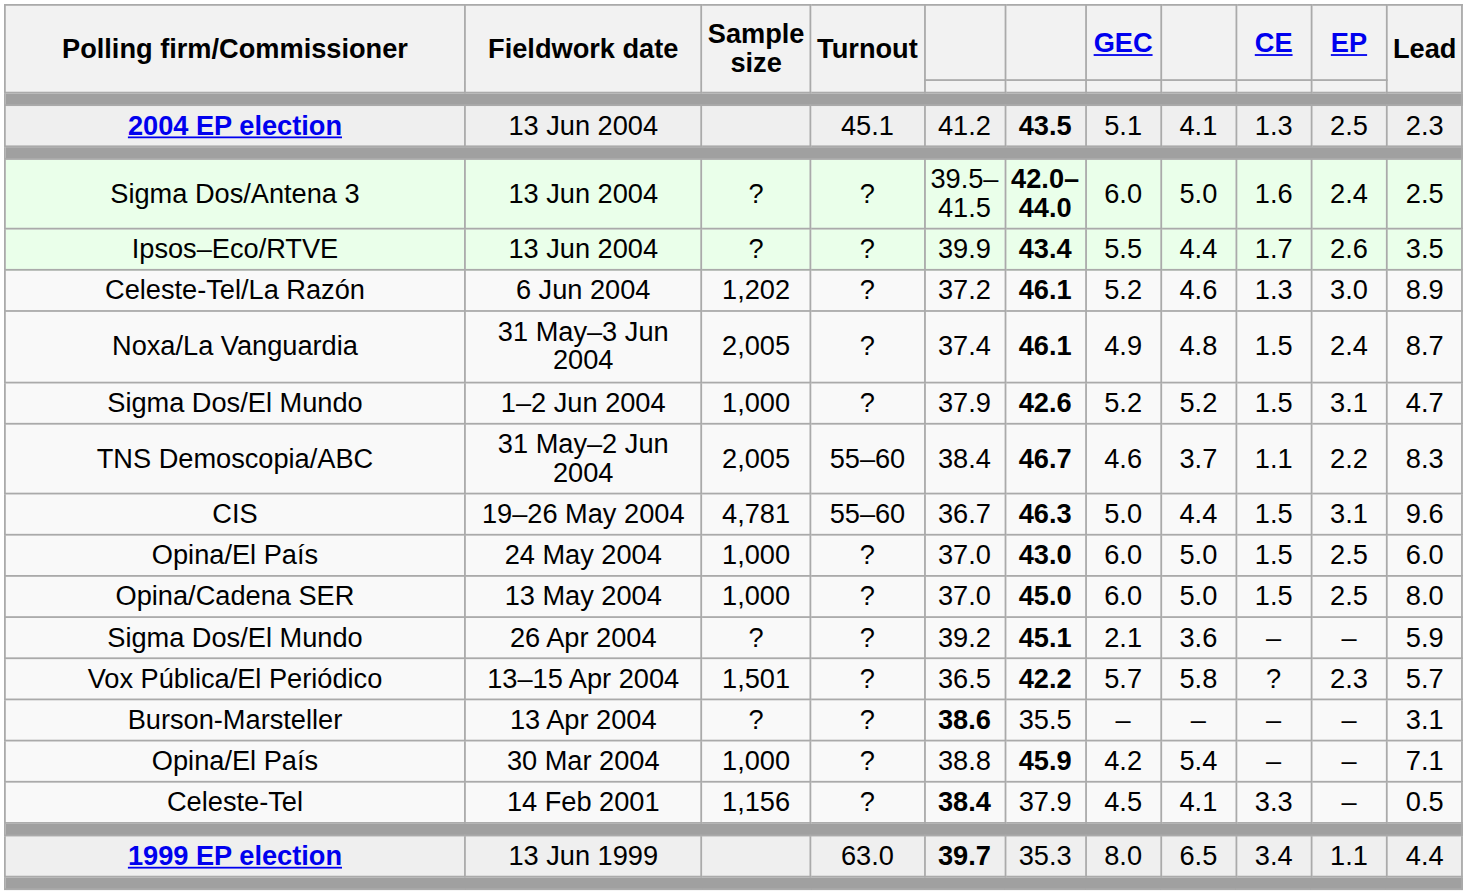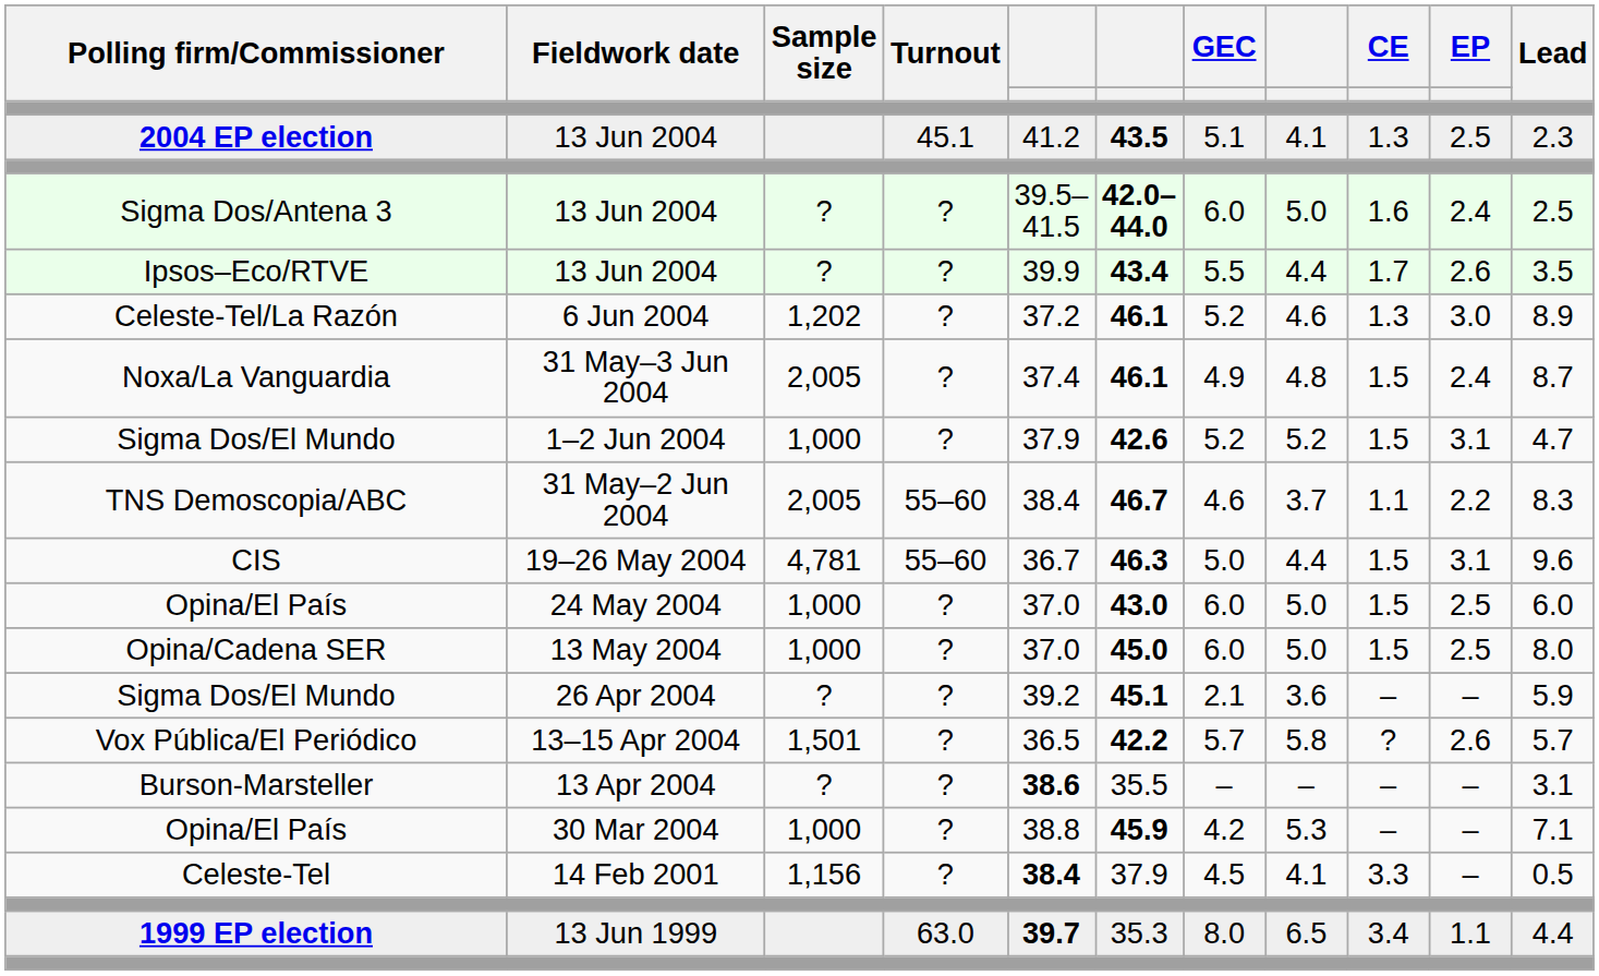 <table class="wikitable collapsible collapsed" style="text-align:center; font-size:95%; line-height:16px;">
 <tr style="height:42px;">
 <th style="width:250px;" rowspan="2">Polling firm/Commissioner</th>
 <th style="width:125px;" rowspan="2">Fieldwork date</th>
 <th style="width:50px;" rowspan="2">Sample size</th>
 <th style="width:45px;" rowspan="2">Turnout</th>
 <th style="width:35px;"></th>
 <th style="width:35px;"></th>
 <th style="width:35px;"><a href='#'>GEC</a></th>
 <th style="width:35px;"></th>
 <th style="width:35px;"><a href='#'>CE</a></th>
 <th style="width:35px;"><a href='#'>EP</a></th>
 <th style="width:30px;" rowspan="2">Lead</th>
 </tr>
 <tr>
 <th style="color:inherit;background:"></th>
 <th style="color:inherit;background:"></th>
 <th style="color:inherit;background:"></th>
 <th style="color:inherit;background:"></th>
 <th style="color:inherit;background:"></th>
 <th style="color:inherit;background:"></th>
 </tr>
 <tr>
 <td colspan="11" style="background:#A0A0A0"></td>
 </tr>
 <tr style="background:#EFEFEF;">
 <td><strong><a href='#'>2004 EP election</a></strong></td>
 <td>13 Jun 2004</td>
 <td></td>
 <td>45.1</td>
 <td>41.2<br></td>
 <td><strong>43.5</strong><br></td>
 <td>5.1<br></td>
 <td>4.1<br></td>
 <td>1.3<br></td>
 <td>2.5<br></td>
 <td style="background:">2.3</td>
 </tr>
 <tr>
 <td colspan="11" style="background:#A0A0A0"></td>
 </tr>
 <tr style="background:#EAFFEA;">
 <td>Sigma Dos/Antena 3</td>
 <td>13 Jun 2004</td>
 <td>?</td>
 <td>?</td>
 <td>39.5–<br>41.5<br></td>
 <td><strong>42.0–<br>44.0</strong><br></td>
 <td>6.0<br></td>
 <td>5.0<br></td>
 <td>1.6<br></td>
 <td>2.4<br></td>
 <td style="background:">2.5</td>
 </tr>
 <tr style="background:#EAFFEA;">
 <td>Ipsos–Eco/RTVE</td>
 <td>13 Jun 2004</td>
 <td>?</td>
 <td>?</td>
 <td>39.9<br></td>
 <td><strong>43.4</strong><br></td>
 <td>5.5<br></td>
 <td>4.4<br></td>
 <td>1.7<br></td>
 <td>2.6<br></td>
 <td style="background:">3.5</td>
 </tr>
 <tr>
 <td>Celeste-Tel/La Razón</td>
 <td>6 Jun 2004</td>
 <td>1,202</td>
 <td>?</td>
 <td>37.2<br></td>
 <td><strong>46.1</strong><br></td>
 <td>5.2<br></td>
 <td>4.6<br></td>
 <td>1.3<br></td>
 <td>3.0<br></td>
 <td style="background:">8.9</td>
 </tr>
 <tr>
 <td>Noxa/La Vanguardia</td>
 <td>31 May–3 Jun 2004</td>
 <td>2,005</td>
 <td>?</td>
 <td>37.4<br></td>
 <td><strong>46.1</strong><br></td>
 <td>4.9<br></td>
 <td>4.8<br></td>
 <td>1.5<br></td>
 <td>2.4<br></td>
 <td style="background:">8.7</td>
 </tr>
 <tr>
 <td>Sigma Dos/El Mundo</td>
 <td>1–2 Jun 2004</td>
 <td>1,000</td>
 <td>?</td>
 <td>37.9<br></td>
 <td><strong>42.6</strong><br></td>
 <td>5.2<br></td>
 <td>5.2<br></td>
 <td>1.5<br></td>
 <td>3.1<br></td>
 <td style="background:">4.7</td>
 </tr>
 <tr>
 <td>TNS Demoscopia/ABC</td>
 <td>31 May–2 Jun 2004</td>
 <td>2,005</td>
 <td>55–60</td>
 <td>38.4<br></td>
 <td><strong>46.7</strong><br></td>
 <td>4.6<br></td>
 <td>3.7<br></td>
 <td>1.1<br></td>
 <td>2.2<br></td>
 <td style="background:">8.3</td>
 </tr>
 <tr>
 <td>CIS</td>
 <td>19–26 May 2004</td>
 <td>4,781</td>
 <td>55–60</td>
 <td>36.7<br></td>
 <td><strong>46.3</strong><br></td>
 <td>5.0<br></td>
 <td>4.4<br></td>
 <td>1.5<br></td>
 <td>3.1<br></td>
 <td style="background:">9.6</td>
 </tr>
 <tr>
 <td>Opina/El País</td>
 <td>24 May 2004</td>
 <td>1,000</td>
 <td>?</td>
 <td>37.0</td>
 <td><strong>43.0</strong></td>
 <td>6.0</td>
 <td>5.0</td>
 <td>1.5</td>
 <td>2.5</td>
 <td style="background:">6.0</td>
 </tr>
 <tr>
 <td>Opina/Cadena SER</td>
 <td>13 May 2004</td>
 <td>1,000</td>
 <td>?</td>
 <td>37.0</td>
 <td><strong>45.0</strong></td>
 <td>6.0</td>
 <td>5.0</td>
 <td>1.5</td>
 <td>2.5</td>
 <td style="background:">8.0</td>
 </tr>
 <tr>
 <td>Sigma Dos/El Mundo</td>
 <td>26 Apr 2004</td>
 <td>?</td>
 <td>?</td>
 <td>39.2</td>
 <td><strong>45.1</strong></td>
 <td>2.1</td>
 <td>3.6</td>
 <td>–</td>
 <td>–</td>
 <td style="background:">5.9</td>
 </tr>
 <tr>
 <td>Vox Pública/El Periódico</td>
 <td>13–15 Apr 2004</td>
 <td>1,501</td>
 <td>?</td>
 <td>36.5<br></td>
 <td><strong>42.2</strong><br></td>
 <td>5.7<br></td>
 <td>5.8<br></td>
 <td>?<br></td>
-<td>2.3<br></td>
+<td>2.6<br></td>
 <td style="background:">5.7</td>
 </tr>
 <tr>
 <td>Burson-Marsteller</td>
 <td>13 Apr 2004</td>
 <td>?</td>
 <td>?</td>
 <td><strong>38.6</strong><br></td>
 <td>35.5<br></td>
 <td>–</td>
 <td>–</td>
 <td>–</td>
 <td>–</td>
 <td style="background:">3.1</td>
 </tr>
 <tr>
 <td>Opina/El País</td>
 <td>30 Mar 2004</td>
 <td>1,000</td>
 <td>?</td>
 <td>38.8</td>
 <td><strong>45.9</strong></td>
 <td>4.2</td>
-<td>5.4</td>
+<td>5.3</td>
 <td>–</td>
 <td>–</td>
 <td style="background:">7.1</td>
 </tr>
 <tr>
 <td>Celeste-Tel</td>
 <td>14 Feb 2001</td>
 <td>1,156</td>
 <td>?</td>
 <td><strong>38.4</strong><br></td>
 <td>37.9<br></td>
 <td>4.5<br></td>
 <td>4.1<br></td>
 <td>3.3<br></td>
 <td>–</td>
 <td style="background:">0.5</td>
 </tr>
 <tr>
 <td colspan="11" style="background:#A0A0A0"></td>
 </tr>
 <tr style="background:#EFEFEF;">
 <td><strong><a href='#'>1999 EP election</a></strong></td>
 <td>13 Jun 1999</td>
 <td></td>
 <td>63.0</td>
 <td><strong>39.7</strong><br></td>
 <td>35.3<br></td>
 <td>8.0<br></td>
 <td>6.5<br></td>
 <td>3.4<br></td>
 <td>1.1<br></td>
 <td style="background:">4.4</td>
 </tr>
 <tr>
 <td colspan="11" style="background:#A0A0A0"></td>
 </tr>
 </table>
